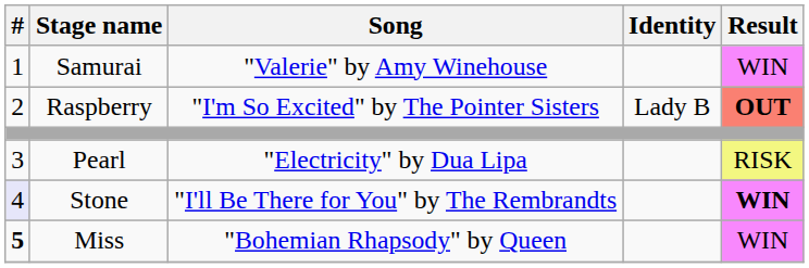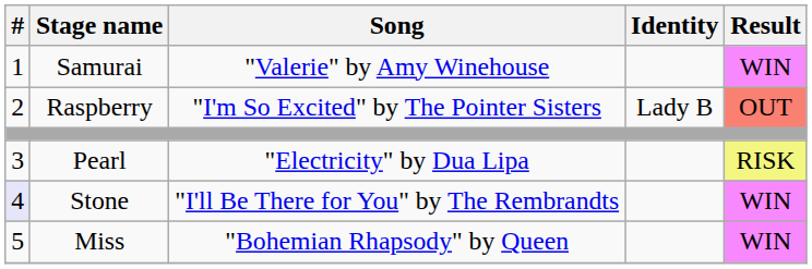 <table class="wikitable plainrowheaders" style="text-align: center;">
 <tr>
 <th>#</th>
 <th>Stage name</th>
 <th>Song</th>
 <th>Identity</th>
 <th>Result</th>
 </tr>
 <tr>
 <td>1</td>
 <td>Samurai</td>
 <td>"<a href='#'>Valerie</a>" by <a href='#'>Amy Winehouse</a></td>
 <td></td>
 <td bgcolor="#F888FD">WIN</td>
 </tr>
 <tr>
 <td>2</td>
 <td>Raspberry</td>
 <td>"<a href='#'>I'm So Excited</a>" by <a href='#'>The Pointer Sisters</a></td>
 <td>Lady B</td>
-<td bgcolor=salmon><strong>OUT</strong></td>
+<td bgcolor=salmon>OUT</td>
 </tr>
 <tr>
 <td colspan="5" style="background:darkgray"></td>
 </tr>
 <tr>
 <td>3</td>
 <td>Pearl</td>
 <td>"<a href='#'>Electricity</a>" by <a href='#'>Dua Lipa</a></td>
 <td></td>
 <td bgcolor="#F3F781">RISK</td>
 </tr>
 <tr>
 <td style="background: lavender;">4</td>
 <td>Stone</td>
 <td>"<a href='#'>I'll Be There for You</a>" by <a href='#'>The Rembrandts</a></td>
 <td></td>
-<td bgcolor="#F888FD"><strong>WIN</strong></td>
+<td bgcolor="#F888FD">WIN</td>
 </tr>
 <tr>
-<td><strong>5</strong></td>
+<td>5</td>
 <td>Miss</td>
 <td>"<a href='#'>Bohemian Rhapsody</a>" by <a href='#'>Queen</a></td>
 <td></td>
 <td bgcolor="#F888FD">WIN</td>
 </tr>
 <tr>
 </tr>
 </table>
